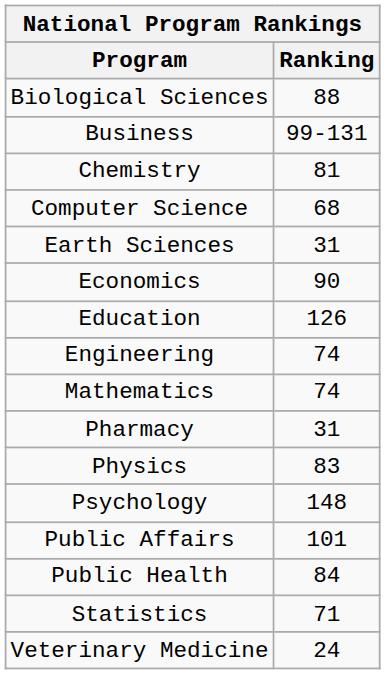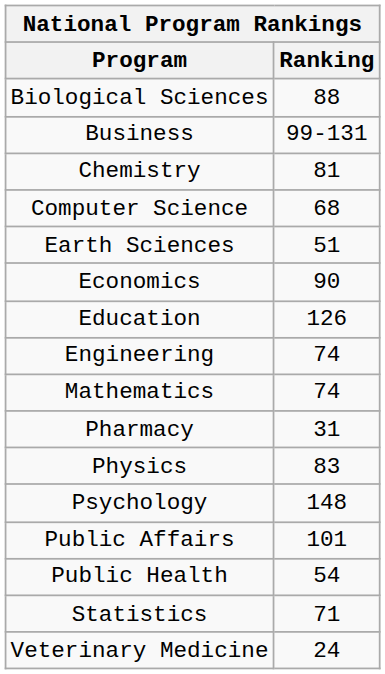 <table class="wikitable sortable collapsible collapsed" style="float: right; text-align: center">
 <tr>
 <th colspan="4">National Program Rankings</th>
 </tr>
 <tr>
 <th>Program</th>
 <th>Ranking</th>
 </tr>
 <tr>
 <td>Biological Sciences</td>
 <td>88</td>
 </tr>
 <tr>
 <td>Business</td>
 <td>99-131</td>
 </tr>
 <tr>
 <td>Chemistry</td>
 <td>81</td>
 </tr>
 <tr>
 <td>Computer Science</td>
 <td>68</td>
 </tr>
 <tr>
 <td>Earth Sciences</td>
-<td>31</td>
+<td>51</td>
 </tr>
 <tr>
 <td>Economics</td>
 <td>90</td>
 </tr>
 <tr>
 <td>Education</td>
 <td>126</td>
 </tr>
 <tr>
 <td>Engineering</td>
 <td>74</td>
 </tr>
 <tr>
 <td>Mathematics</td>
 <td>74</td>
 </tr>
 <tr>
 <td>Pharmacy</td>
 <td>31</td>
 </tr>
 <tr>
 <td>Physics</td>
 <td>83</td>
 </tr>
 <tr>
 <td>Psychology</td>
 <td>148</td>
 </tr>
 <tr>
 <td>Public Affairs</td>
 <td>101</td>
 </tr>
 <tr>
 <td>Public Health</td>
-<td>84</td>
+<td>54</td>
 </tr>
 <tr>
 <td>Statistics</td>
 <td>71</td>
 </tr>
 <tr>
 <td>Veterinary Medicine</td>
 <td>24</td>
 </tr>
 </table>
